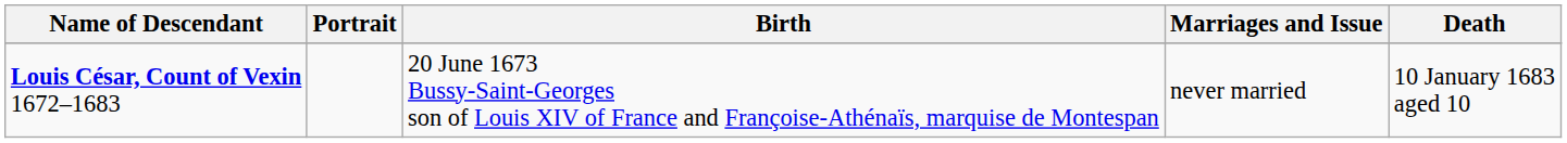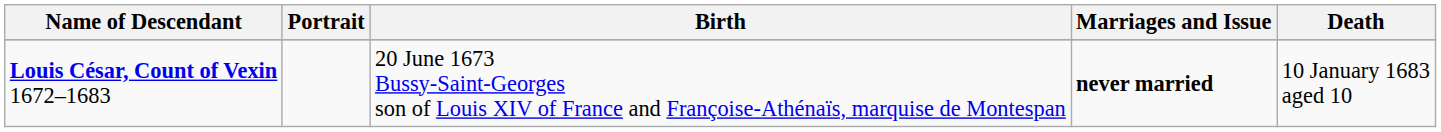 <table class="wikitable">
 <tr ->
 <th>Name of Descendant</th>
 <th>Portrait</th>
 <th>Birth</th>
 <th>Marriages and Issue</th>
 <th>Death</th>
 </tr>
 <tr ->
 </tr>
 <tr>
 <td><strong><a href='#'>Louis César, Count of Vexin</a></strong><br>1672–1683</td>
 <td></td>
 <td>20 June 1673<br><a href='#'>Bussy-Saint-Georges</a><br>son of <a href='#'>Louis XIV of France</a> and <a href='#'>Françoise-Athénaïs, marquise de Montespan</a></td>
-<td>never married</td>
+<td><strong>never married</strong></td>
 <td>10 January 1683<br>aged 10</td>
 </tr>
 </table>
